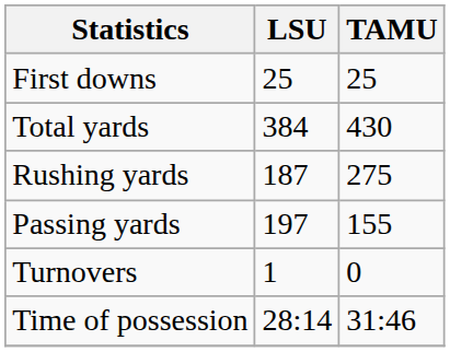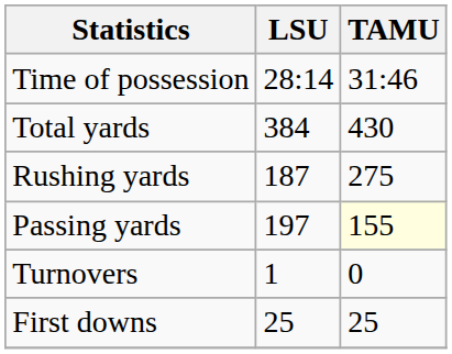 <table class="wikitable" style="float: left;">
 <tr>
 <th>Statistics</th>
 <th>LSU</th>
 <th>TAMU</th>
 </tr>
 <tr>
-<td>First downs</td>
-<td>25</td>
-<td>25</td>
+<td>Time of possession</td>
+<td>28:14</td>
+<td>31:46</td>
 </tr>
 <tr>
 <td>Total yards</td>
 <td>384</td>
 <td>430</td>
 </tr>
 <tr>
 <td>Rushing yards</td>
 <td>187</td>
 <td>275</td>
 </tr>
 <tr>
 <td>Passing yards</td>
 <td>197</td>
-<td>155</td>
+<td style="background: lightyellow;">155</td>
 </tr>
 <tr>
 <td>Turnovers</td>
 <td>1</td>
 <td>0</td>
 </tr>
 <tr>
-<td>Time of possession</td>
-<td>28:14</td>
-<td>31:46</td>
+<td>First downs</td>
+<td>25</td>
+<td>25</td>
 </tr>
 <tr>
 </tr>
 </table>
